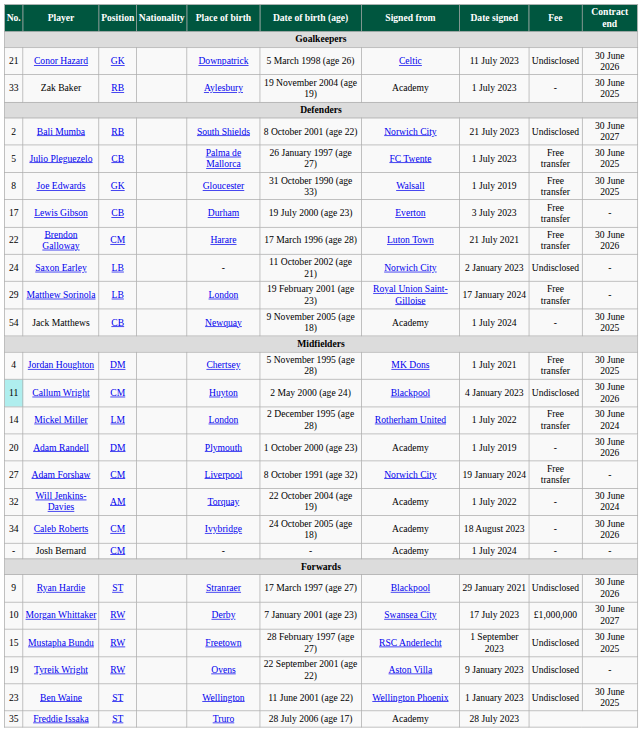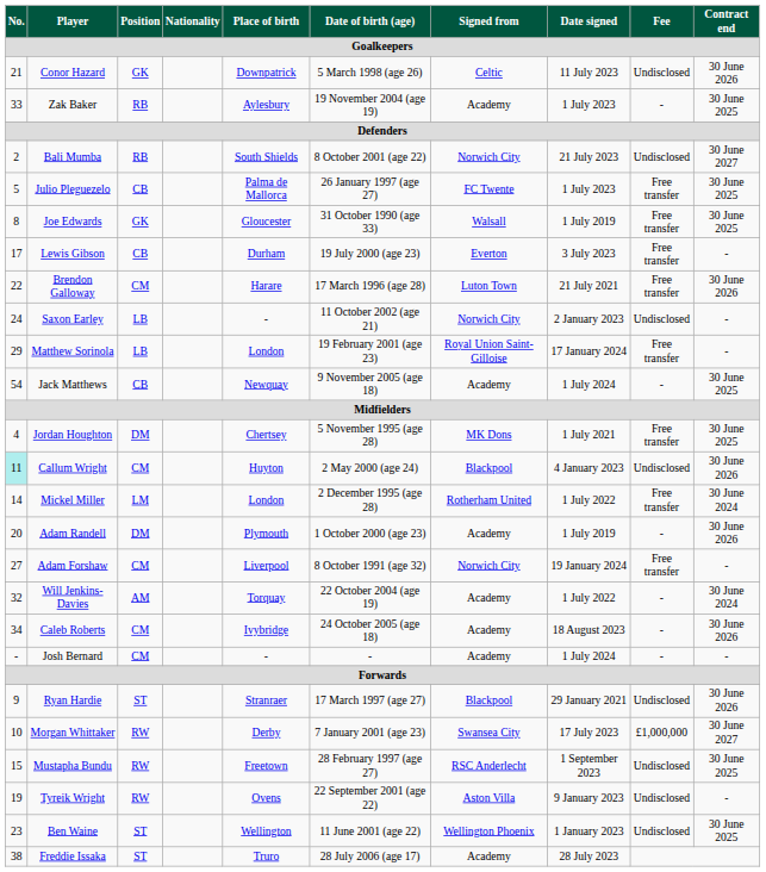 <table class="wikitable" style="text-align:center; font-size:84.5%; width:101%;">
 <tr>
 <th style="background:#00563F; color:#FFFFFF; text-align:center;">No.</th>
 <th style="background:#00563F; color:#FFFFFF; text-align:center;">Player</th>
 <th style="background:#00563F; color:#FFFFFF; text-align:center;">Position</th>
 <th style="background:#00563F; color:#FFFFFF; text-align:center;">Nationality</th>
 <th style="background:#00563F; color:#FFFFFF; text-align:center;">Place of birth</th>
 <th style="background:#00563F; color:#FFFFFF; text-align:center;">Date of birth (age)</th>
 <th style="background:#00563F; color:#FFFFFF; text-align:center;">Signed from</th>
 <th style="background:#00563F; color:#FFFFFF; text-align:center;">Date signed</th>
 <th style="background:#00563F; color:#FFFFFF; text-align:center;">Fee</th>
 <th style="background:#00563F; color:#FFFFFF; text-align:center;">Contract end</th>
 </tr>
 <tr>
 <th colspan="13" style="background:#dcdcdc; text-align:center;">Goalkeepers</th>
 </tr>
 <tr>
 <td>21</td>
 <td><a href='#'>Conor Hazard</a></td>
 <td><a href='#'>GK</a></td>
 <td></td>
 <td> <a href='#'>Downpatrick</a></td>
 <td>5 March 1998 (age 26)</td>
 <td> <a href='#'>Celtic</a></td>
 <td>11 July 2023</td>
 <td>Undisclosed</td>
 <td>30 June 2026</td>
 </tr>
 <tr>
 <td>33</td>
 <td>Zak Baker</td>
 <td><a href='#'>RB</a></td>
 <td></td>
 <td><a href='#'>Aylesbury</a></td>
 <td>19 November 2004 (age 19)</td>
 <td>Academy</td>
 <td>1 July 2023</td>
 <td>-</td>
 <td>30 June 2025</td>
 </tr>
 <tr>
 <th colspan="13" style="background:#dcdcdc; tepxt-align:center;">Defenders</th>
 </tr>
 <tr>
 <td>2</td>
 <td><a href='#'>Bali Mumba</a></td>
 <td><a href='#'>RB</a></td>
 <td></td>
 <td><a href='#'>South Shields</a></td>
 <td>8 October 2001 (age 22)</td>
 <td><a href='#'>Norwich City</a></td>
 <td>21 July 2023</td>
 <td>Undisclosed</td>
 <td>30 June 2027</td>
 </tr>
 <tr>
 <td>5</td>
 <td><a href='#'>Julio Pleguezelo</a></td>
 <td><a href='#'>CB</a></td>
 <td></td>
 <td> <a href='#'>Palma de Mallorca</a></td>
 <td>26 January 1997 (age 27)</td>
 <td> <a href='#'>FC Twente</a></td>
 <td>1 July 2023</td>
 <td>Free transfer</td>
 <td>30 June 2025</td>
 </tr>
 <tr>
 <td>8</td>
 <td><a href='#'>Joe Edwards</a></td>
 <td><a href='#'>GK</a></td>
 <td></td>
 <td><a href='#'>Gloucester</a></td>
 <td>31 October 1990 (age 33)</td>
 <td><a href='#'>Walsall</a></td>
 <td>1 July 2019</td>
 <td>Free transfer</td>
 <td>30 June 2025</td>
 </tr>
 <tr>
 <td>17</td>
 <td><a href='#'>Lewis Gibson</a></td>
 <td><a href='#'>CB</a></td>
 <td></td>
 <td><a href='#'>Durham</a></td>
 <td>19 July 2000 (age 23)</td>
 <td><a href='#'>Everton</a></td>
 <td>3 July 2023</td>
 <td>Free transfer</td>
 <td>-</td>
 </tr>
 <tr>
 <td>22</td>
 <td><a href='#'>Brendon Galloway</a></td>
 <td><a href='#'>CM</a></td>
 <td></td>
 <td> <a href='#'>Harare</a></td>
 <td>17 March 1996 (age 28)</td>
 <td><a href='#'>Luton Town</a></td>
 <td>21 July 2021</td>
 <td>Free transfer</td>
 <td>30 June 2026</td>
 </tr>
 <tr>
 <td>24</td>
 <td><a href='#'>Saxon Earley</a></td>
 <td><a href='#'>LB</a></td>
 <td></td>
 <td>-</td>
 <td>11 October 2002 (age 21)</td>
 <td><a href='#'>Norwich City</a></td>
 <td>2 January 2023</td>
 <td>Undisclosed</td>
 <td>-</td>
 </tr>
 <tr>
 <td>29</td>
 <td><a href='#'>Matthew Sorinola</a></td>
 <td><a href='#'>LB</a></td>
 <td></td>
 <td><a href='#'>London</a></td>
 <td>19 February 2001 (age 23)</td>
 <td> <a href='#'>Royal Union Saint-Gilloise</a></td>
 <td>17 January 2024</td>
 <td>Free transfer</td>
 <td>-</td>
 </tr>
 <tr>
 <td>54</td>
 <td>Jack Matthews</td>
 <td><a href='#'>CB</a></td>
 <td></td>
 <td><a href='#'>Newquay</a></td>
 <td>9 November 2005 (age 18)</td>
 <td>Academy</td>
 <td>1 July 2024</td>
 <td>-</td>
 <td>30 June 2025</td>
 </tr>
 <tr>
 <th colspan="13" style="background:#dcdcdc; tepxt-align:center;">Midfielders</th>
 </tr>
 <tr>
 <td>4</td>
 <td><a href='#'>Jordan Houghton</a></td>
 <td><a href='#'>DM</a></td>
 <td></td>
 <td><a href='#'>Chertsey</a></td>
 <td>5 November 1995 (age 28)</td>
 <td><a href='#'>MK Dons</a></td>
 <td>1 July 2021</td>
 <td>Free transfer</td>
 <td>30 June 2025</td>
 </tr>
 <tr>
 <td style="background: paleturquoise;">11</td>
 <td><a href='#'>Callum Wright</a></td>
 <td><a href='#'>CM</a></td>
 <td></td>
 <td><a href='#'>Huyton</a></td>
 <td>2 May 2000 (age 24)</td>
 <td><a href='#'>Blackpool</a></td>
 <td>4 January 2023</td>
 <td>Undisclosed</td>
 <td>30 June 2026</td>
 </tr>
 <tr>
 <td>14</td>
 <td><a href='#'>Mickel Miller</a></td>
 <td><a href='#'>LM</a></td>
 <td></td>
 <td><a href='#'>London</a></td>
 <td>2 December 1995 (age 28)</td>
 <td><a href='#'>Rotherham United</a></td>
 <td>1 July 2022</td>
 <td>Free transfer</td>
 <td>30 June 2024</td>
 </tr>
 <tr>
 <td>20</td>
 <td><a href='#'>Adam Randell</a></td>
 <td><a href='#'>DM</a></td>
 <td></td>
 <td><a href='#'>Plymouth</a></td>
 <td>1 October 2000 (age 23)</td>
 <td>Academy</td>
 <td>1 July 2019</td>
 <td>-</td>
 <td>30 June 2026</td>
 </tr>
 <tr>
 <td>27</td>
 <td><a href='#'>Adam Forshaw</a></td>
 <td><a href='#'>CM</a></td>
 <td></td>
 <td><a href='#'>Liverpool</a></td>
 <td>8 October 1991 (age 32)</td>
 <td><a href='#'>Norwich City</a></td>
 <td>19 January 2024</td>
 <td>Free transfer</td>
 <td>-</td>
 </tr>
 <tr>
 <td>32</td>
 <td><a href='#'>Will Jenkins-Davies</a></td>
 <td><a href='#'>AM</a></td>
 <td></td>
 <td><a href='#'>Torquay</a></td>
 <td>22 October 2004 (age 19)</td>
 <td>Academy</td>
 <td>1 July 2022</td>
 <td>-</td>
 <td>30 June 2024</td>
 </tr>
 <tr>
 <td>34</td>
 <td><a href='#'>Caleb Roberts</a></td>
 <td><a href='#'>CM</a></td>
 <td></td>
 <td><a href='#'>Ivybridge</a></td>
 <td>24 October 2005 (age 18)</td>
 <td>Academy</td>
 <td>18 August 2023</td>
 <td>-</td>
 <td>30 June 2026</td>
 </tr>
 <tr>
 <td>-</td>
 <td>Josh Bernard</td>
 <td><a href='#'>CM</a></td>
 <td></td>
 <td>-</td>
 <td>-</td>
 <td>Academy</td>
 <td>1 July 2024</td>
 <td>-</td>
 <td>-</td>
 </tr>
 <tr>
 <th colspan="13" style="background:#dcdcdc; tepxt-align:center;">Forwards</th>
 </tr>
 <tr>
 <td>9</td>
 <td><a href='#'>Ryan Hardie</a></td>
 <td><a href='#'>ST</a></td>
 <td></td>
 <td> <a href='#'>Stranraer</a></td>
 <td>17 March 1997 (age 27)</td>
 <td><a href='#'>Blackpool</a></td>
 <td>29 January 2021</td>
 <td>Undisclosed</td>
 <td>30 June 2026</td>
 </tr>
 <tr>
 <td>10</td>
 <td><a href='#'>Morgan Whittaker</a></td>
 <td><a href='#'>RW</a></td>
 <td></td>
 <td><a href='#'>Derby</a></td>
 <td>7 January 2001 (age 23)</td>
 <td> <a href='#'>Swansea City</a></td>
 <td>17 July 2023</td>
 <td>£1,000,000</td>
 <td>30 June 2027</td>
 </tr>
 <tr>
 <td>15</td>
 <td><a href='#'>Mustapha Bundu</a></td>
 <td><a href='#'>RW</a></td>
 <td></td>
 <td> <a href='#'>Freetown</a></td>
 <td>28 February 1997 (age 27)</td>
 <td> <a href='#'>RSC Anderlecht</a></td>
 <td>1 September 2023</td>
 <td>Undisclosed</td>
 <td>30 June 2025</td>
 </tr>
 <tr>
 <td>19</td>
 <td><a href='#'>Tyreik Wright</a></td>
 <td><a href='#'>RW</a></td>
 <td></td>
 <td> <a href='#'>Ovens</a></td>
 <td>22 September 2001 (age 22)</td>
 <td><a href='#'>Aston Villa</a></td>
 <td>9 January 2023</td>
 <td>Undisclosed</td>
 <td>-</td>
 </tr>
 <tr>
 <td>23</td>
 <td><a href='#'>Ben Waine</a></td>
 <td><a href='#'>ST</a></td>
 <td></td>
 <td> <a href='#'>Wellington</a></td>
 <td>11 June 2001 (age 22)</td>
 <td> <a href='#'>Wellington Phoenix</a></td>
 <td>1 January 2023</td>
 <td>Undisclosed</td>
 <td>30 June 2025</td>
 </tr>
 <tr>
-<td>35</td>
+<td>38</td>
 <td><a href='#'>Freddie Issaka</a></td>
 <td><a href='#'>ST</a></td>
 <td></td>
 <td> <a href='#'>Truro</a></td>
 <td>28 July 2006 (age 17)</td>
 <td>Academy</td>
 <td>28 July 2023</td>
 </tr>
 </table>
